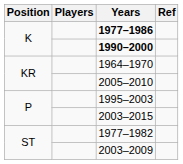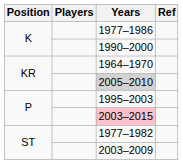 <table class="wikitable sortable" >
 <tr bgcolor="#efefef">
 <th>Position</th>
 <th>Players</th>
 <th>Years</th>
 <th class="unsortable">Ref</th>
 </tr>
 <tr>
 <td rowspan=2 style="text-align:center;">K</td>
 <td></td>
-<td><strong>1977–1986</strong></td>
+<td>1977–1986</td>
 <td></td>
 </tr>
 <tr>
 <td></td>
-<td><strong>1990–2000</strong></td>
+<td>1990–2000</td>
 <td></td>
 </tr>
 <tr>
 <td rowspan=2 style="text-align:center;">KR</td>
 <td></td>
 <td>1964–1970</td>
 <td></td>
 </tr>
 <tr>
 <td></td>
-<td>2005–2010</td>
+<td style="background: lightgrey;">2005–2010</td>
 <td></td>
 </tr>
 <tr>
 <td rowspan=2 style="text-align:center;">P</td>
 <td></td>
 <td>1995–2003</td>
 <td></td>
 </tr>
 <tr>
 <td></td>
-<td>2003–2015</td>
+<td style="background: pink;">2003–2015</td>
 <td></td>
 </tr>
 <tr>
 <td rowspan=2 style="text-align:center;">ST</td>
 <td></td>
 <td>1977–1982</td>
 <td></td>
 </tr>
 <tr>
 <td></td>
 <td>2003–2009</td>
 <td></td>
 </tr>
 </table>
